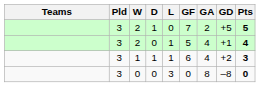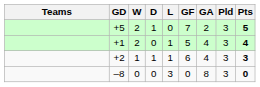 <table class="wikitable" style="text-align: center;">
 <tr>
 <th width=165>Teams</th>
-<th width=20>Pld</th>
+<th width=20>GD</th>
 <th width=20>W</th>
 <th width=20>D</th>
 <th width=20>L</th>
 <th width=20>GF</th>
 <th width=20>GA</th>
-<th width=20>GD</th>
+<th width=20>Pld</th>
 <th width=20>Pts</th>
 </tr>
 <tr align=center style="background:#ccffcc;">
 <td style="text-align:left;"></td>
-<td>3</td>
+<td>+5</td>
 <td>2</td>
 <td>1</td>
 <td>0</td>
 <td>7</td>
 <td>2</td>
-<td>+5</td>
+<td>3</td>
 <td><strong>5</strong></td>
 </tr>
 <tr align=center style="background:#ccffcc;">
 <td style="text-align:left;"></td>
-<td>3</td>
+<td>+1</td>
 <td>2</td>
 <td>0</td>
 <td>1</td>
 <td>5</td>
 <td>4</td>
-<td>+1</td>
+<td>3</td>
 <td><strong>4</strong></td>
 </tr>
 <tr align=center>
 <td style="text-align:left;"></td>
-<td>3</td>
+<td>+2</td>
 <td>1</td>
 <td>1</td>
 <td>1</td>
 <td>6</td>
 <td>4</td>
-<td>+2</td>
+<td>3</td>
 <td><strong>3</strong></td>
 </tr>
 <tr align=center>
 <td style="text-align:left;"></td>
-<td>3</td>
+<td>–8</td>
 <td>0</td>
 <td>0</td>
 <td>3</td>
 <td>0</td>
 <td>8</td>
-<td>–8</td>
+<td>3</td>
 <td><strong>0</strong></td>
 </tr>
 </table>
